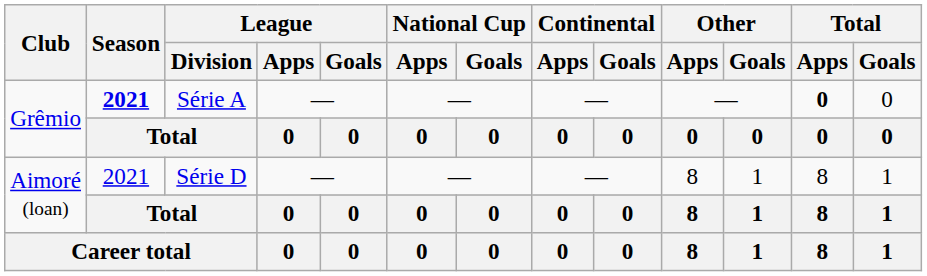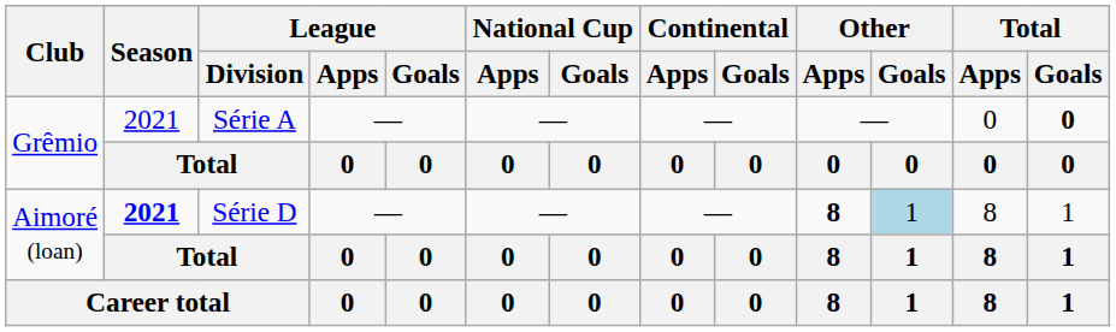 <table class="wikitable" style="text-align: center; font-size:96%">
 <tr>
 <th rowspan="2">Club</th>
 <th rowspan="2">Season</th>
 <th colspan="3">League</th>
 <th colspan="2">National Cup</th>
 <th colspan="2">Continental</th>
 <th colspan="2">Other</th>
 <th colspan="2">Total</th>
 </tr>
 <tr>
 <th>Division</th>
 <th>Apps</th>
 <th>Goals</th>
 <th>Apps</th>
 <th>Goals</th>
 <th>Apps</th>
 <th>Goals</th>
 <th>Apps</th>
 <th>Goals</th>
 <th>Apps</th>
 <th>Goals</th>
 </tr>
 <tr>
 <td rowspan=2><a href='#'>Grêmio</a></td>
-<td><strong><a href='#'>2021</a></strong></td>
+<td><a href='#'>2021</a></td>
 <td><a href='#'>Série A</a></td>
 <td colspan="2">—</td>
 <td colspan="2">—</td>
 <td colspan="2">—</td>
 <td colspan="2">—</td>
+<td>0</td>
 <td><strong>0</strong></td>
-<td>0</td>
 </tr>
 <tr>
 <th colspan=2>Total</th>
 <th>0</th>
 <th>0</th>
 <th>0</th>
 <th>0</th>
 <th>0</th>
 <th>0</th>
 <th>0</th>
 <th>0</th>
 <th>0</th>
 <th>0</th>
 </tr>
 <tr>
 <td rowspan=2><a href='#'>Aimoré</a><br><small>(loan)</small></td>
-<td><a href='#'>2021</a></td>
+<td><strong><a href='#'>2021</a></strong></td>
 <td><a href='#'>Série D</a></td>
 <td colspan="2">—</td>
 <td colspan="2">—</td>
 <td colspan="2">—</td>
-<td>8</td>
-<td>1</td>
+<td><strong>8</strong></td>
+<td style="background: lightblue;">1</td>
 <td>8</td>
 <td>1</td>
 </tr>
 <tr>
 <th colspan=2>Total</th>
 <th>0</th>
 <th>0</th>
 <th>0</th>
 <th>0</th>
 <th>0</th>
 <th>0</th>
 <th>8</th>
 <th>1</th>
 <th>8</th>
 <th>1</th>
 </tr>
 <tr>
 <th colspan="3"><strong>Career total</strong></th>
 <th>0</th>
 <th>0</th>
 <th>0</th>
 <th>0</th>
 <th>0</th>
 <th>0</th>
 <th>8</th>
 <th>1</th>
 <th>8</th>
 <th>1</th>
 </tr>
 </table>
